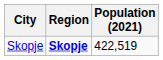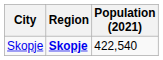 <table class="wikitable sortable sticky-header col3right">
 <tr>
 <th>City</th>
 <th>Region</th>
 <th>Population<br>(2021)</th>
 </tr>
 <tr>
 <td><a href='#'>Skopje</a></td>
 <td><strong><a href='#'>Skopje</a></strong></td>
-<td>422,519</td>
+<td>422,540</td>
 </tr>
 </table>
